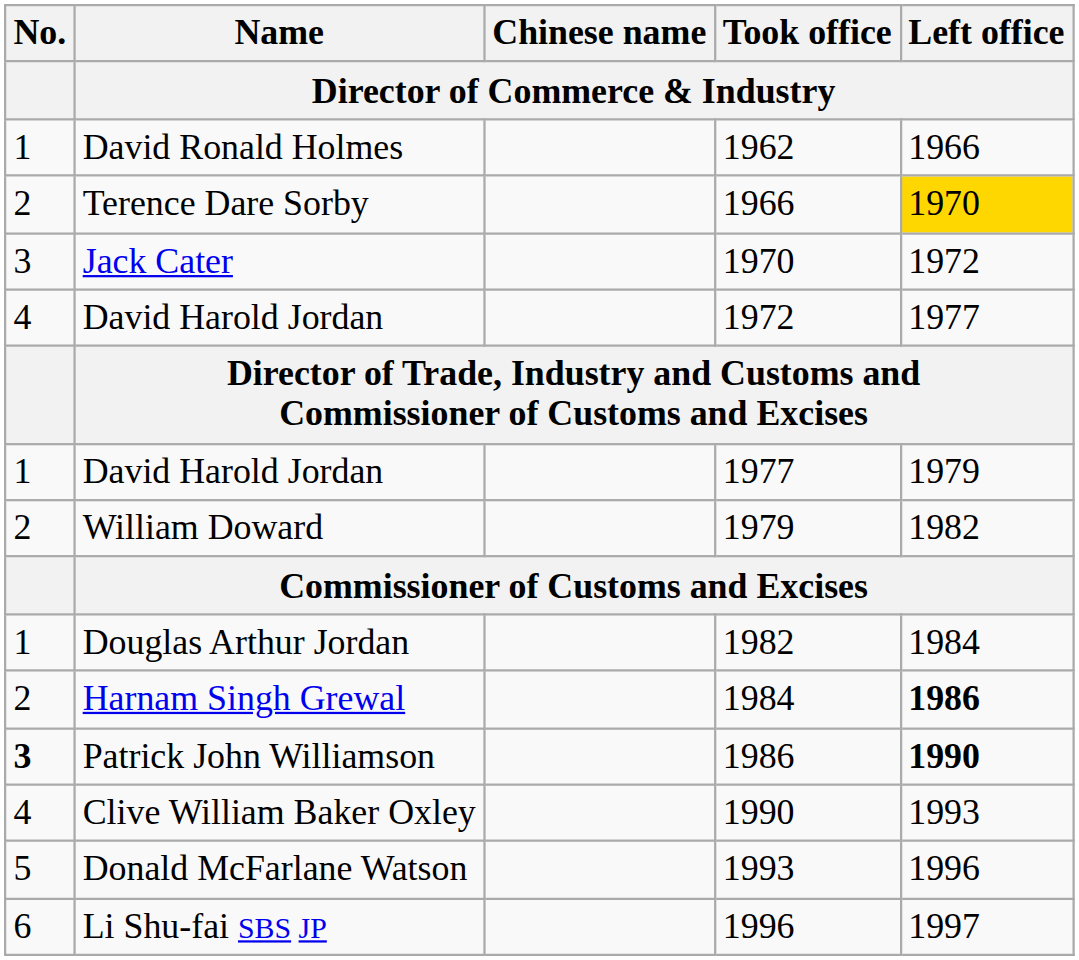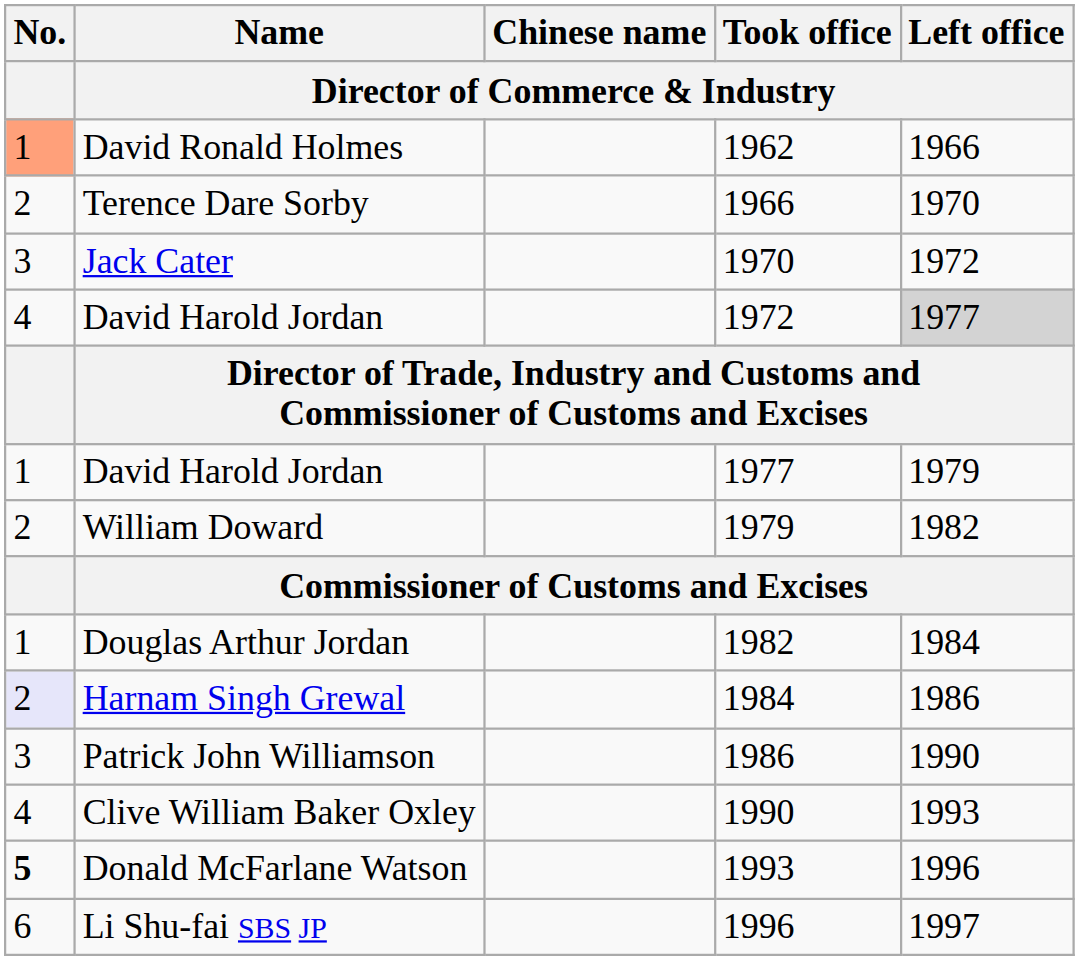 <table class="wikitable">
 <tr>
 <th>No.</th>
 <th>Name</th>
 <th>Chinese name</th>
 <th>Took office</th>
 <th>Left office</th>
 </tr>
 <tr>
 <th></th>
 <th colspan="4">Director of Commerce & Industry</th>
 </tr>
 <tr>
-<td>1</td>
+<td style="background: lightsalmon;">1</td>
 <td>David Ronald Holmes</td>
 <td></td>
 <td>1962</td>
 <td>1966</td>
 </tr>
 <tr>
 <td>2</td>
 <td>Terence Dare Sorby</td>
 <td></td>
 <td>1966</td>
-<td style="background: gold;">1970</td>
+<td>1970</td>
 </tr>
 <tr>
 <td>3</td>
 <td><a href='#'>Jack Cater</a></td>
 <td></td>
 <td>1970</td>
 <td>1972</td>
 </tr>
 <tr>
 <td>4</td>
 <td>David Harold Jordan</td>
 <td></td>
 <td>1972</td>
-<td>1977</td>
+<td style="background: lightgrey;">1977</td>
 </tr>
 <tr>
 <th></th>
 <th colspan="4">Director of Trade, Industry and Customs and<br>Commissioner of Customs and Excises</th>
 </tr>
 <tr>
 <td>1</td>
 <td>David Harold Jordan</td>
 <td></td>
 <td>1977</td>
 <td>1979</td>
 </tr>
 <tr>
 <td>2</td>
 <td>William Doward </td>
 <td></td>
 <td>1979</td>
 <td>1982</td>
 </tr>
 <tr>
 <th></th>
 <th colspan="4">Commissioner of Customs and Excises</th>
 </tr>
 <tr>
 <td>1</td>
 <td>Douglas Arthur Jordan </td>
 <td></td>
 <td>1982</td>
 <td>1984</td>
 </tr>
 <tr>
-<td>2</td>
+<td style="background: lavender;">2</td>
 <td><a href='#'>Harnam Singh Grewal</a> </td>
 <td></td>
 <td>1984</td>
-<td><strong>1986</strong></td>
+<td>1986</td>
 </tr>
 <tr>
-<td><strong>3</strong></td>
+<td>3</td>
 <td>Patrick John Williamson </td>
 <td></td>
 <td>1986</td>
-<td><strong>1990</strong></td>
+<td>1990</td>
 </tr>
 <tr>
 <td>4</td>
 <td>Clive William Baker Oxley </td>
 <td></td>
 <td>1990</td>
 <td>1993</td>
 </tr>
 <tr>
-<td>5</td>
+<td><strong>5</strong></td>
 <td>Donald McFarlane Watson </td>
 <td></td>
 <td>1993</td>
 <td>1996</td>
 </tr>
 <tr>
 <td>6</td>
 <td>Li Shu-fai <small><a href='#'>SBS</a> <a href='#'>JP</a></small></td>
 <td></td>
 <td>1996</td>
 <td>1997</td>
 </tr>
 </table>
